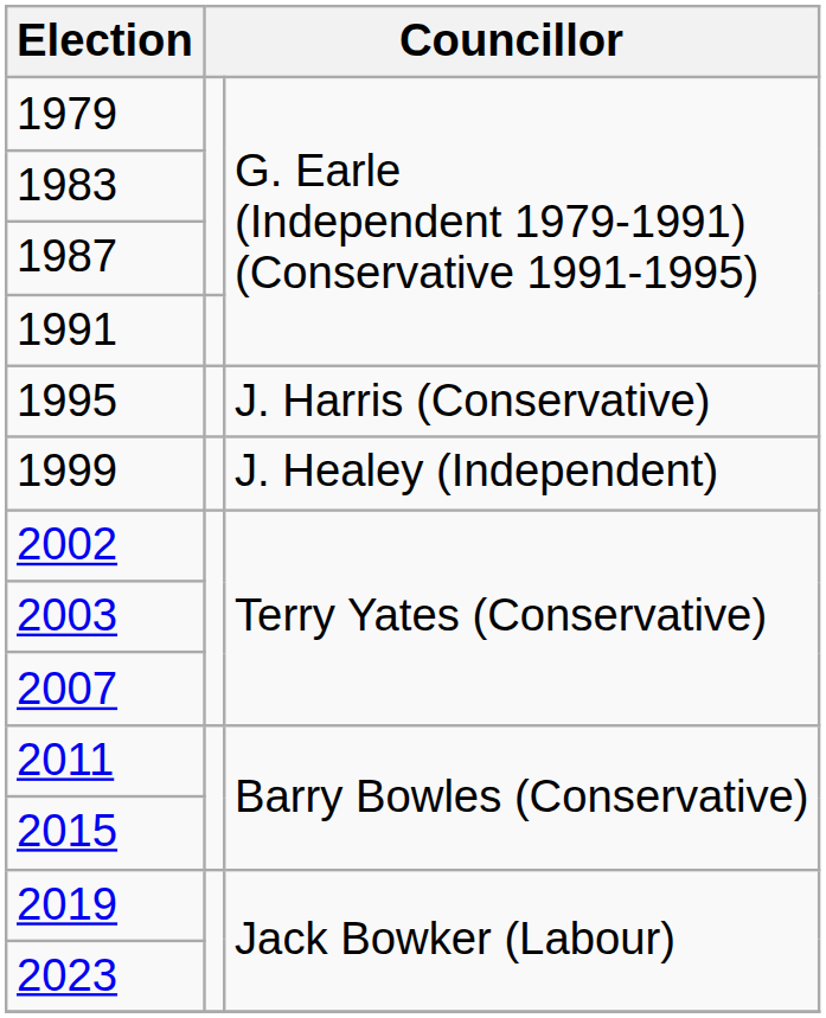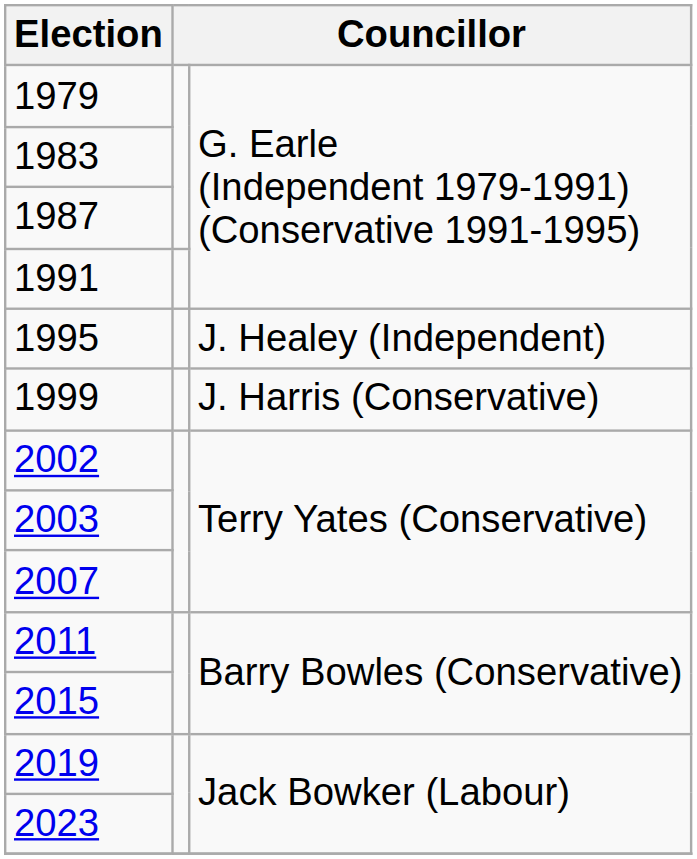 <table class="wikitable">
 <tr>
 <th>Election</th>
 <th colspan="2">Councillor</th>
 </tr>
 <tr>
 <td>1979</td>
 <td rowspan="3" style="background-color: "></td>
 <td rowspan="4">G. Earle<br>(Independent 1979-1991)<br>(Conservative 1991-1995)</td>
 </tr>
 <tr>
 <td>1983</td>
 </tr>
 <tr>
 <td>1987</td>
 </tr>
 <tr>
 <td>1991</td>
 <td style="background-color: "></td>
 </tr>
 <tr>
 <td>1995</td>
 <td style="background-color: "></td>
-<td>J. Harris (Conservative)</td>
+<td>J. Healey (Independent)</td>
 </tr>
 <tr>
 <td>1999</td>
 <td style="background-color: "></td>
-<td>J. Healey (Independent)</td>
+<td>J. Harris (Conservative)</td>
 </tr>
 <tr>
 <td><a href='#'>2002</a></td>
 <td rowspan="3" style="background-color: "></td>
 <td rowspan="3">Terry Yates (Conservative)</td>
 </tr>
 <tr>
 <td><a href='#'>2003</a></td>
 </tr>
 <tr>
 <td><a href='#'>2007</a></td>
 </tr>
 <tr>
 <td><a href='#'>2011</a></td>
 <td rowspan="2" style="background-color: "></td>
 <td rowspan="2">Barry Bowles (Conservative)</td>
 </tr>
 <tr>
 <td><a href='#'>2015</a></td>
 </tr>
 <tr>
 <td><a href='#'>2019</a></td>
 <td rowspan="2" style="background-color: "></td>
 <td rowspan="2">Jack Bowker (Labour)</td>
 </tr>
 <tr>
 <td><a href='#'>2023</a></td>
 </tr>
 <tr>
 </tr>
 </table>
